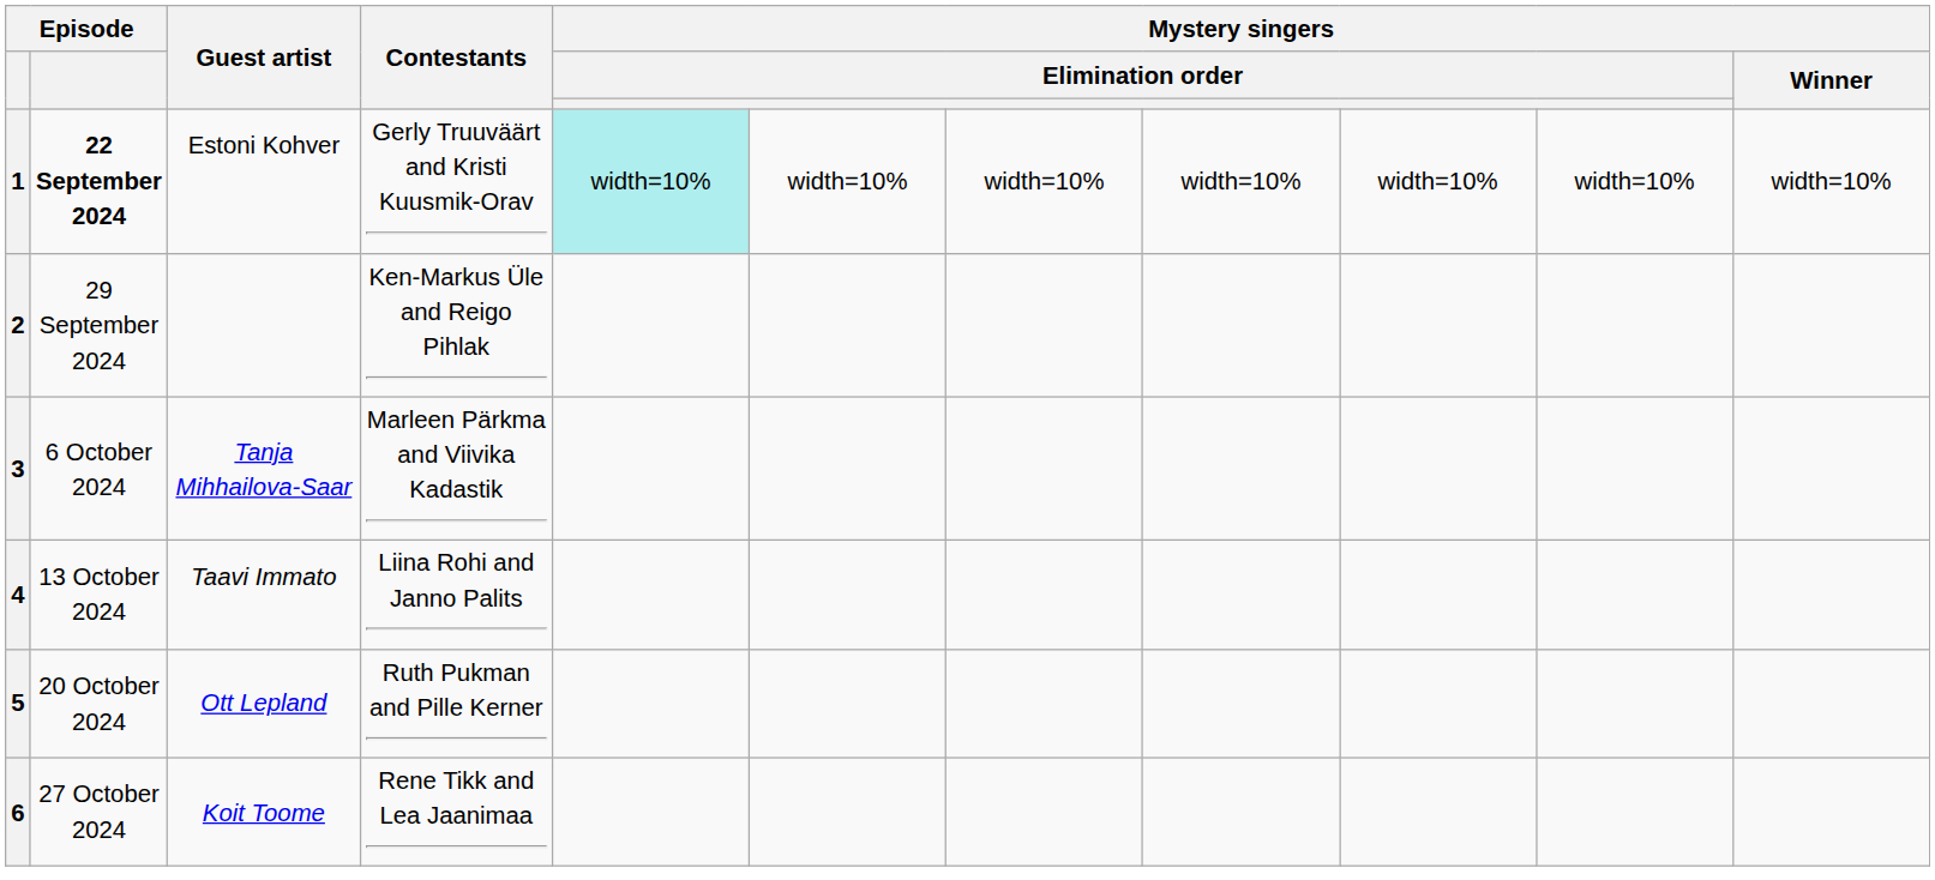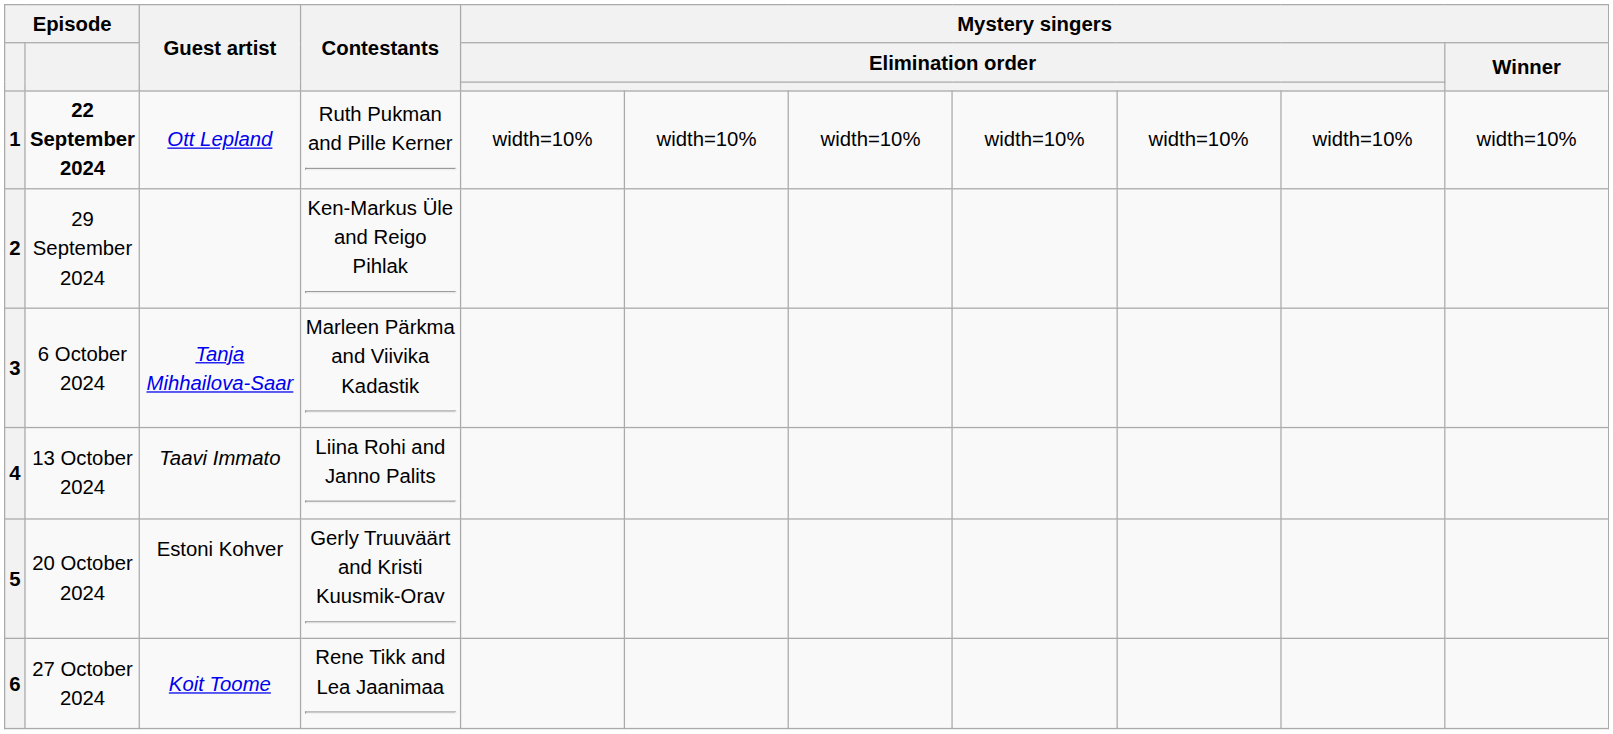 <table class="wikitable plainrowheaders mw-collapsible" style="text-align:center; line-height:23px; width:100%;">
 <tr>
 <th colspan="2" width="1%">Episode</th>
 <th rowspan="3" width="10%">Guest artist</th>
 <th rowspan="3" width="10%">Contestants</th>
 <th colspan="7">Mystery singers<br></th>
 </tr>
 <tr>
 <th rowspan="2"></th>
 <th rowspan="2"></th>
 <th colspan="6">Elimination order</th>
 <th rowspan="2">Winner</th>
 </tr>
 <tr>
 <th colspan=6></th>
 </tr>
 <tr>
 <th>1</th>
 <td><strong>22 September 2024</strong></td>
-<td>Estoni Kohver<br><br><br></td>
-<td>Gerly Truuväärt and Kristi Kuusmik-Orav<hr></td>
-<td style="background: paleturquoise;">width=10% </td>
+<td><em><a href='#'>Ott Lepland</a></em><br></td>
+<td>Ruth Pukman and Pille Kerner<hr></td>
+<td>width=10% </td>
 <td>width=10% </td>
 <td>width=10% </td>
 <td>width=10% </td>
 <td>width=10% </td>
 <td>width=10% </td>
 <td>width=10% </td>
 </tr>
 <tr>
 <th>2</th>
 <td>29 September 2024</td>
 <td><br></td>
 <td>Ken-Markus Üle and Reigo Pihlak<hr></td>
 <td></td>
 <td></td>
 <td></td>
 <td></td>
 <td></td>
 <td></td>
 <td></td>
 </tr>
 <tr>
 <th>3</th>
 <td>6 October 2024</td>
 <td><em><a href='#'>Tanja Mihhailova-Saar</a></em><br></td>
 <td>Marleen Pärkma and Viivika Kadastik<hr></td>
 <td></td>
 <td></td>
 <td></td>
 <td></td>
 <td></td>
 <td></td>
 <td></td>
 </tr>
 <tr>
 <th>4</th>
 <td>13 October 2024</td>
 <td><em>Taavi Immato<br></em><br></td>
 <td>Liina Rohi and Janno Palits<hr></td>
 <td></td>
 <td></td>
 <td></td>
 <td></td>
 <td></td>
 <td></td>
 <td></td>
 </tr>
 <tr>
 <th>5</th>
 <td>20 October 2024</td>
-<td><em><a href='#'>Ott Lepland</a></em><br></td>
-<td>Ruth Pukman and Pille Kerner<hr></td>
+<td>Estoni Kohver<br><br><br></td>
+<td>Gerly Truuväärt and Kristi Kuusmik-Orav<hr></td>
 <td></td>
 <td></td>
 <td></td>
 <td></td>
 <td></td>
 <td></td>
 <td></td>
 </tr>
 <tr>
 <th>6</th>
 <td>27 October 2024</td>
 <td><em><a href='#'>Koit Toome</a></em><br></td>
 <td>Rene Tikk and Lea Jaanimaa<hr></td>
 <td></td>
 <td></td>
 <td></td>
 <td></td>
 <td></td>
 <td></td>
 <td></td>
 </tr>
 </table>
